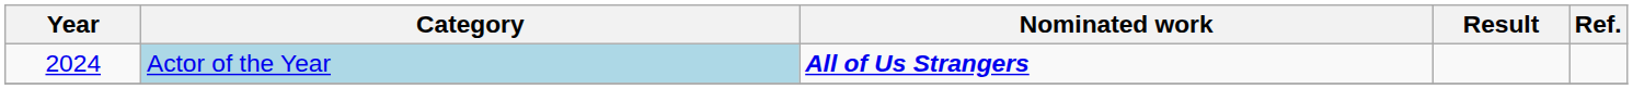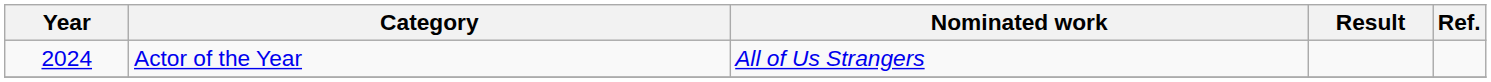 <table class=wikitable>
 <tr>
 <th scope="col" style="width:5em;">Year</th>
 <th scope="col" style="width:26em;">Category</th>
 <th scope="col" style="width:25em;">Nominated work</th>
 <th scope="col" style="width:5em;">Result</th>
 <th>Ref.</th>
 </tr>
 <tr>
 <td style="text-align:center;"><a href='#'>2024</a></td>
-<td style="background: lightblue;"><a href='#'>Actor of the Year</a></td>
-<td><strong><em><a href='#'>All of Us Strangers</a></em></strong></td>
+<td><a href='#'>Actor of the Year</a></td>
+<td><em><a href='#'>All of Us Strangers</a></em></td>
 <td></td>
 <td></td>
 </tr>
 <tr>
 </tr>
 </table>
